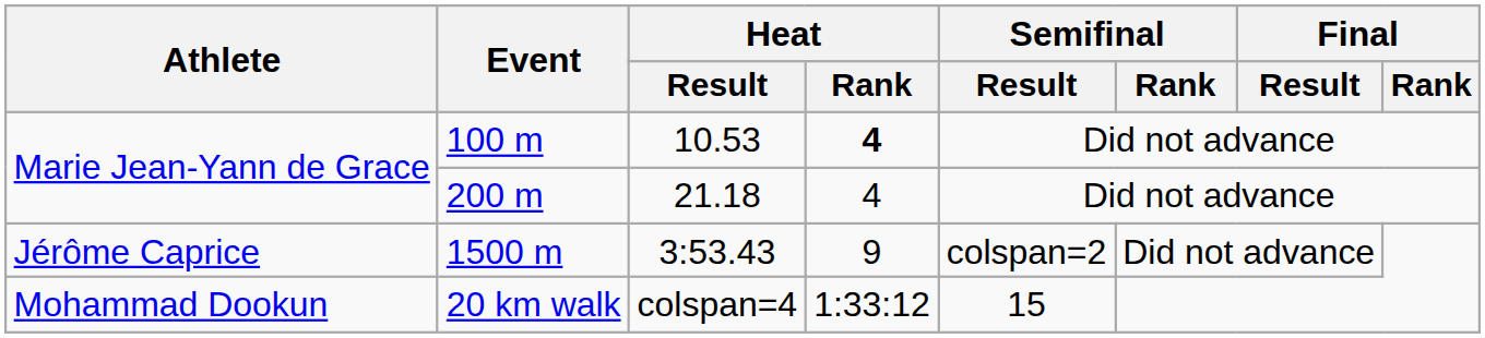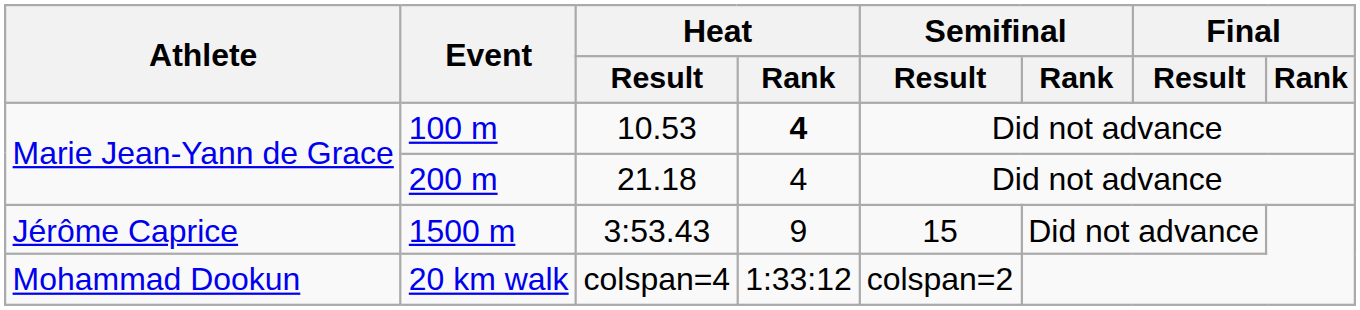 <table class="wikitable" style="font-size:90%">
 <tr>
 <th rowspan=2>Athlete</th>
 <th rowspan=2>Event</th>
 <th colspan=2>Heat</th>
 <th colspan=2>Semifinal</th>
 <th colspan=2>Final</th>
 </tr>
 <tr style="font-size:95%">
 <th>Result</th>
 <th>Rank</th>
 <th>Result</th>
 <th>Rank</th>
 <th>Result</th>
 <th>Rank</th>
 </tr>
 <tr align=center>
 <td align=left rowspan=2><a href='#'>Marie Jean-Yann de Grace</a></td>
 <td align=left><a href='#'>100 m</a></td>
 <td>10.53</td>
 <td><strong>4</strong></td>
 <td colspan=4>Did not advance</td>
 </tr>
 <tr align=center>
 <td align=left><a href='#'>200 m</a></td>
 <td>21.18</td>
 <td>4</td>
 <td colspan=4>Did not advance</td>
 </tr>
 <tr align=center>
 <td align=left><a href='#'>Jérôme Caprice</a></td>
 <td align=left><a href='#'>1500 m</a></td>
 <td>3:53.43</td>
 <td>9</td>
-<td>colspan=2</td>
+<td>15</td>
 <td colspan=2>Did not advance</td>
 </tr>
 <tr align=center>
 <td align=left><a href='#'>Mohammad Dookun</a></td>
 <td align=left><a href='#'>20 km walk</a></td>
 <td>colspan=4</td>
 <td>1:33:12</td>
-<td>15</td>
+<td>colspan=2</td>
 </tr>
 </table>
